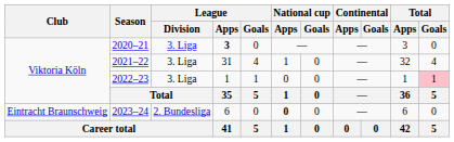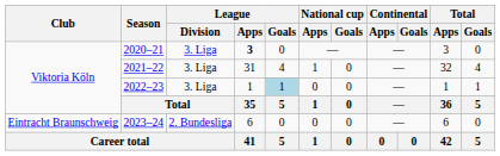 <table class="wikitable" style="text-align: center">
 <tr>
 <th rowspan="2">Club</th>
 <th rowspan="2">Season</th>
 <th colspan="3">League</th>
 <th colspan="2">National cup</th>
 <th colspan="2">Continental</th>
 <th colspan="2">Total</th>
 </tr>
 <tr>
 <th>Division</th>
 <th>Apps</th>
 <th>Goals</th>
 <th>Apps</th>
 <th>Goals</th>
 <th>Apps</th>
 <th>Goals</th>
 <th>Apps</th>
 <th>Goals</th>
 </tr>
 <tr>
 <td rowspan="4"><a href='#'>Viktoria Köln</a></td>
 <td><a href='#'>2020–21</a></td>
 <td><a href='#'>3. Liga</a></td>
 <td><strong>3</strong></td>
 <td>0</td>
 <td colspan="2">—</td>
 <td colspan="2">—</td>
 <td>3</td>
 <td>0</td>
 </tr>
 <tr>
 <td><a href='#'>2021–22</a></td>
 <td>3. Liga</td>
 <td>31</td>
 <td>4</td>
 <td>1</td>
 <td>0</td>
 <td colspan="2">—</td>
 <td>32</td>
 <td>4</td>
 </tr>
 <tr>
 <td><a href='#'>2022–23</a></td>
 <td>3. Liga</td>
 <td>1</td>
-<td>1</td>
+<td style="background: lightblue;">1</td>
 <td>0</td>
 <td>0</td>
 <td colspan="2">—</td>
 <td>1</td>
-<td style="background: pink;">1</td>
+<td>1</td>
 </tr>
 <tr>
 <th colspan="2">Total</th>
 <th>35</th>
 <th>5</th>
 <th>1</th>
 <th>0</th>
 <th colspan="2">—</th>
 <th>36</th>
 <th>5</th>
 </tr>
 <tr>
 <td><a href='#'>Eintracht Braunschweig</a></td>
 <td><a href='#'>2023–24</a></td>
 <td><a href='#'>2. Bundesliga</a></td>
 <td>6</td>
 <td>0</td>
-<td><strong>0</strong></td>
+<td>0</td>
 <td>0</td>
 <td colspan="2">—</td>
 <td>6</td>
 <td>0</td>
 </tr>
 <tr>
 <th colspan="3">Career total</th>
 <th>41</th>
 <th>5</th>
 <th>1</th>
 <th>0</th>
 <th>0</th>
 <th>0</th>
 <th>42</th>
 <th>5</th>
 </tr>
 </table>
